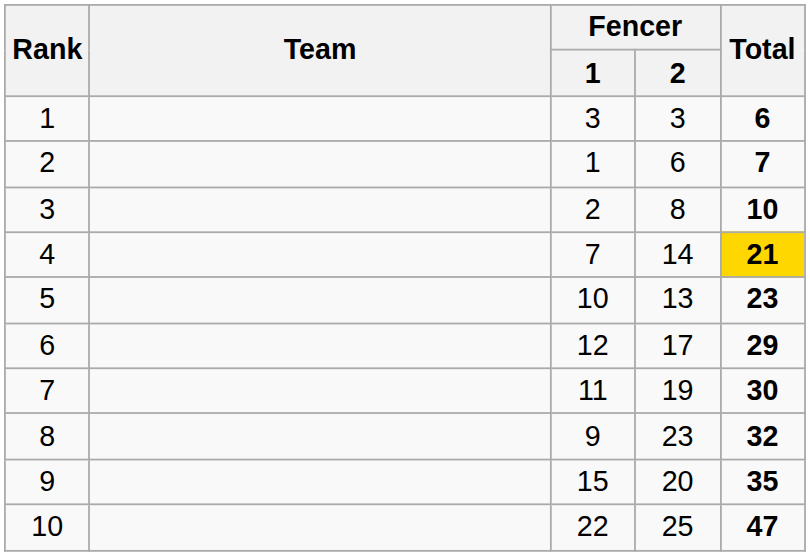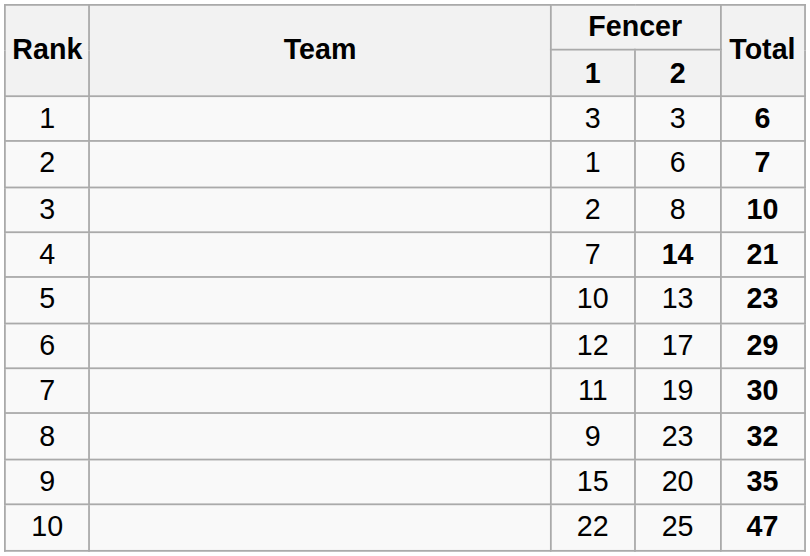 <table class=wikitable style="text-align:center">
 <tr>
 <th rowspan=2 width=40>Rank</th>
 <th rowspan=2 width=250>Team</th>
 <th colspan=2>Fencer</th>
 <th rowspan=2 width=40>Total</th>
 </tr>
 <tr>
 <th width=40>1</th>
 <th width=40>2</th>
 </tr>
 <tr>
 <td>1</td>
 <td align=left></td>
 <td>3</td>
 <td>3</td>
 <td><strong>6</strong></td>
 </tr>
 <tr>
 <td>2</td>
 <td align=left></td>
 <td>1</td>
 <td>6</td>
 <td><strong>7</strong></td>
 </tr>
 <tr>
 <td>3</td>
 <td align=left></td>
 <td>2</td>
 <td>8</td>
 <td><strong>10</strong></td>
 </tr>
 <tr>
 <td>4</td>
 <td align=left></td>
 <td>7</td>
-<td>14</td>
-<td style="background: gold;"><strong>21</strong></td>
+<td><strong>14</strong></td>
+<td><strong>21</strong></td>
 </tr>
 <tr>
 <td>5</td>
 <td align=left></td>
 <td>10</td>
 <td>13</td>
 <td><strong>23</strong></td>
 </tr>
 <tr>
 <td>6</td>
 <td align=left></td>
 <td>12</td>
 <td>17</td>
 <td><strong>29</strong></td>
 </tr>
 <tr>
 <td>7</td>
 <td align=left></td>
 <td>11</td>
 <td>19</td>
 <td><strong>30</strong></td>
 </tr>
 <tr>
 <td>8</td>
 <td align=left></td>
 <td>9</td>
 <td>23</td>
 <td><strong>32</strong></td>
 </tr>
 <tr>
 <td>9</td>
 <td align=left></td>
 <td>15</td>
 <td>20</td>
 <td><strong>35</strong></td>
 </tr>
 <tr>
 <td>10</td>
 <td align=left></td>
 <td>22</td>
 <td>25</td>
 <td><strong>47</strong></td>
 </tr>
 </table>
